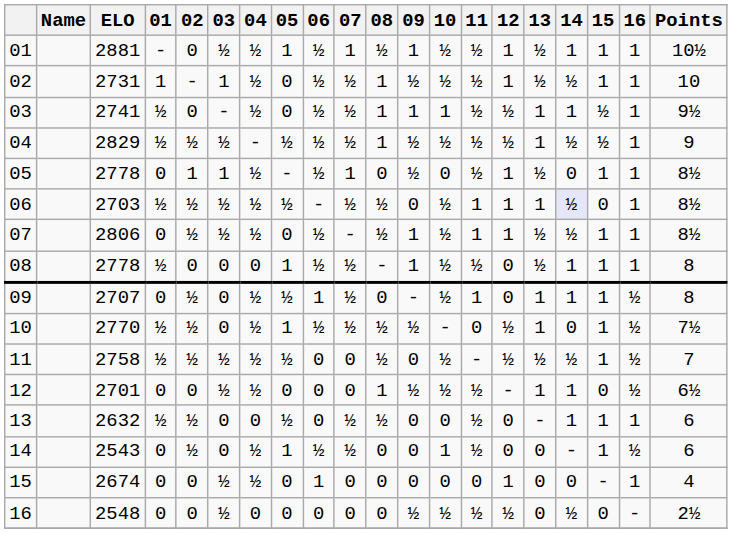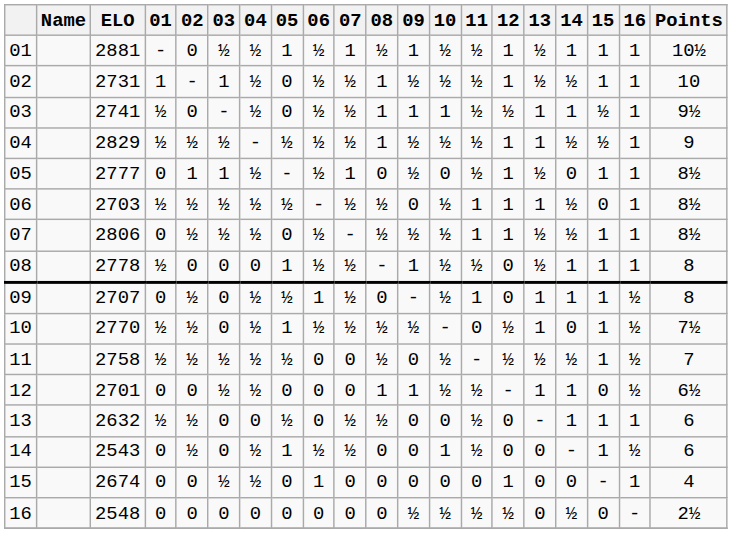 <table class="wikitable" style="text-align:center;">
 <tr>
 <th></th>
 <th>Name</th>
 <th>ELO</th>
 <th>01</th>
 <th>02</th>
 <th>03</th>
 <th>04</th>
 <th>05</th>
 <th>06</th>
 <th>07</th>
 <th>08</th>
 <th>09</th>
 <th>10</th>
 <th>11</th>
 <th>12</th>
 <th>13</th>
 <th>14</th>
 <th>15</th>
 <th>16</th>
 <th>Points</th>
 </tr>
 <tr>
 <td>01</td>
 <td style="text-align:left;" data-sort-value="Carlsen"></td>
 <td>2881</td>
 <td>-</td>
 <td>0</td>
 <td>½</td>
 <td>½</td>
 <td>1</td>
 <td>½</td>
 <td>1</td>
 <td>½</td>
 <td>1</td>
 <td>½</td>
 <td>½</td>
 <td>1</td>
 <td>½</td>
 <td>1</td>
 <td>1</td>
 <td>1</td>
 <td>10½</td>
 </tr>
 <tr>
 <td>02</td>
 <td style="text-align:left;" data-sort-value="Giri"></td>
 <td>2731</td>
 <td>1</td>
 <td>-</td>
 <td>1</td>
 <td>½</td>
 <td>0</td>
 <td>½</td>
 <td>½</td>
 <td>1</td>
 <td>½</td>
 <td>½</td>
 <td>½</td>
 <td>1</td>
 <td>½</td>
 <td>½</td>
 <td>1</td>
 <td>1</td>
 <td>10</td>
 </tr>
 <tr>
 <td>03</td>
 <td style="text-align:left;" data-sort-value="So"></td>
 <td>2741</td>
 <td>½</td>
 <td>0</td>
 <td>-</td>
 <td>½</td>
 <td>0</td>
 <td>½</td>
 <td>½</td>
 <td>1</td>
 <td>1</td>
 <td>1</td>
 <td>½</td>
 <td>½</td>
 <td>1</td>
 <td>1</td>
 <td>½</td>
 <td>1</td>
 <td>9½</td>
 </tr>
 <tr>
 <td>04</td>
 <td style="text-align:left;" data-sort-value="Nakamura"></td>
 <td>2829</td>
 <td>½</td>
 <td>½</td>
 <td>½</td>
 <td>-</td>
 <td>½</td>
 <td>½</td>
 <td>½</td>
 <td>1</td>
 <td>½</td>
 <td>½</td>
 <td>½</td>
-<td>½</td>
+<td>1</td>
 <td>1</td>
 <td>½</td>
 <td>½</td>
 <td>1</td>
 <td>9</td>
 </tr>
 <tr>
 <td>05</td>
 <td style="text-align:left;" data-sort-value="Nepo"></td>
-<td>2778</td>
+<td>2777</td>
 <td>0</td>
 <td>1</td>
 <td>1</td>
 <td>½</td>
 <td>-</td>
 <td>½</td>
 <td>1</td>
 <td>0</td>
 <td>½</td>
 <td>0</td>
 <td>½</td>
 <td>1</td>
 <td>½</td>
 <td>0</td>
 <td>1</td>
 <td>1</td>
 <td>8½</td>
 </tr>
 <tr>
 <td>06</td>
 <td style="text-align:left;" data-sort-value="Firouzja"></td>
 <td>2703</td>
 <td>½</td>
 <td>½</td>
 <td>½</td>
 <td>½</td>
 <td>½</td>
 <td>-</td>
 <td>½</td>
 <td>½</td>
 <td>0</td>
 <td>½</td>
 <td>1</td>
 <td>1</td>
 <td>1</td>
-<td style="background: lavender;">½</td>
+<td>½</td>
 <td>0</td>
 <td>1</td>
 <td>8½</td>
 </tr>
 <tr>
 <td>07</td>
 <td style="text-align:left;" data-sort-value="Vachier"></td>
 <td>2806</td>
 <td>0</td>
 <td>½</td>
 <td>½</td>
 <td>½</td>
 <td>0</td>
 <td>½</td>
 <td>-</td>
 <td>½</td>
-<td>1</td>
+<td>½</td>
 <td>½</td>
 <td>1</td>
 <td>1</td>
 <td>½</td>
 <td>½</td>
 <td>1</td>
 <td>1</td>
 <td>8½</td>
 </tr>
 <tr>
 <td>08</td>
 <td style="text-align:left;" data-sort-value="Aronian"></td>
 <td>2778</td>
 <td>½</td>
 <td>0</td>
 <td>0</td>
 <td>0</td>
 <td>1</td>
 <td>½</td>
 <td>½</td>
 <td>-</td>
 <td>1</td>
 <td>½</td>
 <td>½</td>
 <td>0</td>
 <td>½</td>
 <td>1</td>
 <td>1</td>
 <td>1</td>
 <td>8</td>
 </tr>
 <tr>
 <td style="border-top: 2px solid #000000;">09</td>
 <td style="text-align:left;border-top: 2px solid #000000;" data-sort-value="Karjakin"></td>
 <td style="border-top: 2px solid #000000;">2707</td>
 <td style="border-top: 2px solid #000000;">0</td>
 <td style="border-top: 2px solid #000000;">½</td>
 <td style="border-top: 2px solid #000000;">0</td>
 <td style="border-top: 2px solid #000000;">½</td>
 <td style="border-top: 2px solid #000000;">½</td>
 <td style="border-top: 2px solid #000000;">1</td>
 <td style="border-top: 2px solid #000000;">½</td>
 <td style="border-top: 2px solid #000000;">0</td>
 <td style="border-top: 2px solid #000000;">-</td>
 <td style="border-top: 2px solid #000000;">½</td>
 <td style="border-top: 2px solid #000000;">1</td>
 <td style="border-top: 2px solid #000000;">0</td>
 <td style="border-top: 2px solid #000000;">1</td>
 <td style="border-top: 2px solid #000000;">1</td>
 <td style="border-top: 2px solid #000000;">1</td>
 <td style="border-top: 2px solid #000000;">½</td>
 <td style="border-top: 2px solid #000000;">8</td>
 </tr>
 <tr>
 <td>10</td>
 <td style="text-align:left;" data-sort-value="Dubov"></td>
 <td>2770</td>
 <td>½</td>
 <td>½</td>
 <td>0</td>
 <td>½</td>
 <td>1</td>
 <td>½</td>
 <td>½</td>
 <td>½</td>
 <td>½</td>
 <td>-</td>
 <td>0</td>
 <td>½</td>
 <td>1</td>
 <td>0</td>
 <td>1</td>
 <td>½</td>
 <td>7½</td>
 </tr>
 <tr>
 <td>11</td>
 <td style="text-align:left;" data-sort-value="Radjabov"></td>
 <td>2758</td>
 <td>½</td>
 <td>½</td>
 <td>½</td>
 <td>½</td>
 <td>½</td>
 <td>0</td>
 <td>0</td>
 <td>½</td>
 <td>0</td>
 <td>½</td>
 <td>-</td>
 <td>½</td>
 <td>½</td>
 <td>½</td>
 <td>1</td>
 <td>½</td>
 <td>7</td>
 </tr>
 <tr>
 <td>12</td>
 <td style="text-align:left;" data-sort-value="Mamedyarov"></td>
 <td>2701</td>
 <td>0</td>
 <td>0</td>
 <td>½</td>
 <td>½</td>
 <td>0</td>
 <td>0</td>
 <td>0</td>
 <td>1</td>
-<td>½</td>
+<td>1</td>
 <td>½</td>
 <td>½</td>
 <td>-</td>
 <td>1</td>
 <td>1</td>
 <td>0</td>
 <td>½</td>
 <td>6½</td>
 </tr>
 <tr>
 <td>13</td>
 <td style="text-align:left;" data-sort-value="Grandelius"></td>
 <td>2632</td>
 <td>½</td>
 <td>½</td>
 <td>0</td>
 <td>0</td>
 <td>½</td>
 <td>0</td>
 <td>½</td>
 <td>½</td>
 <td>0</td>
 <td>0</td>
 <td>½</td>
 <td>0</td>
 <td>-</td>
 <td>1</td>
 <td>1</td>
 <td>1</td>
 <td>6</td>
 </tr>
 <tr>
 <td>14</td>
 <td style="text-align:left;" data-sort-value="van Foreest"></td>
 <td>2543</td>
 <td>0</td>
 <td>½</td>
 <td>0</td>
 <td>½</td>
 <td>1</td>
 <td>½</td>
 <td>½</td>
 <td>0</td>
 <td>0</td>
 <td>1</td>
 <td>½</td>
 <td>0</td>
 <td>0</td>
 <td>-</td>
 <td>1</td>
 <td>½</td>
 <td>6</td>
 </tr>
 <tr>
 <td>15</td>
 <td style="text-align:left;" data-sort-value="Guijarro"></td>
 <td>2674</td>
 <td>0</td>
 <td>0</td>
 <td>½</td>
 <td>½</td>
 <td>0</td>
 <td>1</td>
 <td>0</td>
 <td>0</td>
 <td>0</td>
 <td>0</td>
 <td>0</td>
 <td>1</td>
 <td>0</td>
 <td>0</td>
 <td>-</td>
 <td>1</td>
 <td>4</td>
 </tr>
 <tr>
 <td>16</td>
 <td style="text-align:left;" data-sort-value="Pichot"></td>
 <td>2548</td>
 <td>0</td>
 <td>0</td>
-<td>½</td>
+<td>0</td>
 <td>0</td>
 <td>0</td>
 <td>0</td>
 <td>0</td>
 <td>0</td>
 <td>½</td>
 <td>½</td>
 <td>½</td>
 <td>½</td>
 <td>0</td>
 <td>½</td>
 <td>0</td>
 <td>-</td>
 <td>2½</td>
 </tr>
 <tr>
 </tr>
 </table>
